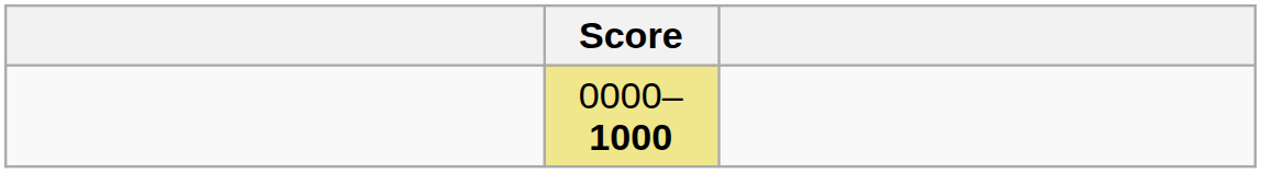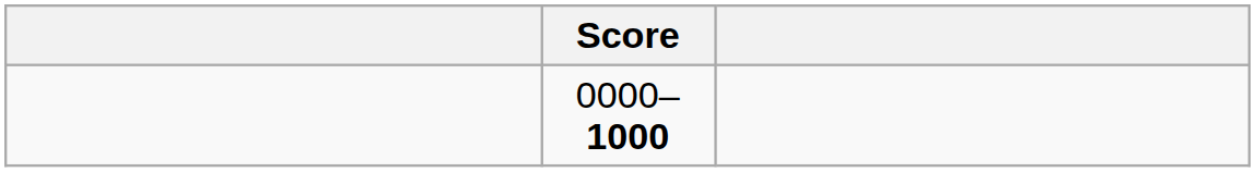 <table class="wikitable" style="text-align: center; font-size:90% ">
 <tr>
 <th align="right" width="200"></th>
 <th width="60">Score</th>
 <th align="left" width="200"></th>
 </tr>
 <tr>
 <td align="left"></td>
-<td style="background: khaki;">0000–<strong>1000</strong></td>
+<td>0000–<strong>1000</strong></td>
 <td align="left"><strong></strong></td>
 </tr>
 </table>
